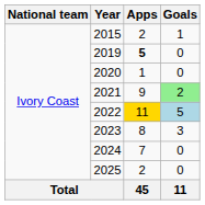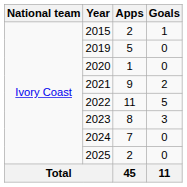 <table class="wikitable" style="text-align:center">
 <tr>
 <th>National team</th>
 <th>Year</th>
 <th>Apps</th>
 <th>Goals</th>
 </tr>
 <tr>
 <td rowspan="8"><a href='#'>Ivory Coast</a></td>
 <td>2015</td>
 <td>2</td>
 <td>1</td>
 </tr>
 <tr>
 <td>2019</td>
-<td><strong>5</strong></td>
+<td>5</td>
 <td>0</td>
 </tr>
 <tr>
 <td>2020</td>
 <td>1</td>
 <td>0</td>
 </tr>
 <tr>
 <td>2021</td>
 <td>9</td>
-<td style="background: lightgreen;">2</td>
+<td>2</td>
 </tr>
 <tr>
 <td>2022</td>
-<td style="background: gold;">11</td>
-<td style="background: lightblue;">5</td>
+<td>11</td>
+<td>5</td>
 </tr>
 <tr>
 <td>2023</td>
 <td>8</td>
 <td>3</td>
 </tr>
 <tr>
 <td>2024</td>
 <td>7</td>
 <td>0</td>
 </tr>
 <tr>
 <td>2025</td>
 <td>2</td>
 <td>0</td>
 </tr>
 <tr>
 <th colspan="2">Total</th>
 <th>45</th>
 <th>11</th>
 </tr>
 </table>
